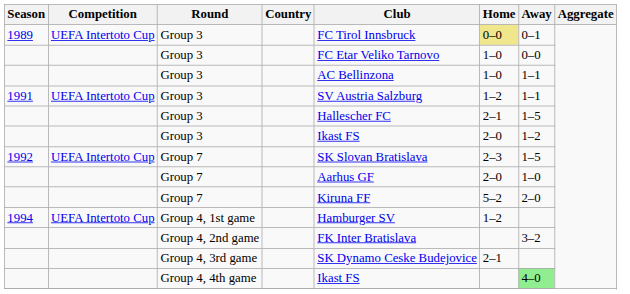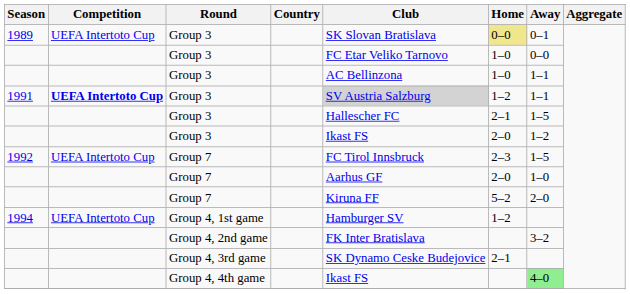 <table class="wikitable">
 <tr>
 <th>Season</th>
 <th>Competition</th>
 <th>Round</th>
 <th>Country</th>
 <th>Club</th>
 <th>Home</th>
 <th>Away</th>
 <th>Aggregate</th>
 </tr>
 <tr>
 <td><a href='#'>1989</a></td>
 <td><a href='#'>UEFA Intertoto Cup</a></td>
 <td>Group 3</td>
 <td></td>
-<td><a href='#'>FC Tirol Innsbruck</a></td>
+<td><a href='#'>SK Slovan Bratislava</a></td>
 <td style="background: khaki;">0–0</td>
 <td>0–1</td>
 </tr>
 <tr>
 <td></td>
 <td></td>
 <td>Group 3</td>
 <td></td>
 <td><a href='#'>FC Etar Veliko Tarnovo</a></td>
 <td>1–0</td>
 <td>0–0</td>
 </tr>
 <tr>
 <td></td>
 <td></td>
 <td>Group 3</td>
 <td></td>
 <td><a href='#'>AC Bellinzona</a></td>
 <td>1–0</td>
 <td>1–1</td>
 </tr>
 <tr>
 <td><a href='#'>1991</a></td>
-<td><a href='#'>UEFA Intertoto Cup</a></td>
+<td><strong><a href='#'>UEFA Intertoto Cup</a></strong></td>
 <td>Group 3</td>
 <td></td>
-<td><a href='#'>SV Austria Salzburg</a></td>
+<td style="background: lightgrey;"><a href='#'>SV Austria Salzburg</a></td>
 <td>1–2</td>
 <td>1–1</td>
 </tr>
 <tr>
 <td></td>
 <td></td>
 <td>Group 3</td>
 <td></td>
 <td><a href='#'>Hallescher FC</a></td>
 <td>2–1</td>
 <td>1–5</td>
 </tr>
 <tr>
 <td></td>
 <td></td>
 <td>Group 3</td>
 <td></td>
 <td><a href='#'>Ikast FS</a></td>
 <td>2–0</td>
 <td>1–2</td>
 </tr>
 <tr>
 <td><a href='#'>1992</a></td>
 <td><a href='#'>UEFA Intertoto Cup</a></td>
 <td>Group 7</td>
 <td></td>
-<td><a href='#'>SK Slovan Bratislava</a></td>
+<td><a href='#'>FC Tirol Innsbruck</a></td>
 <td>2–3</td>
 <td>1–5</td>
 </tr>
 <tr>
 <td></td>
 <td></td>
 <td>Group 7</td>
 <td></td>
 <td><a href='#'>Aarhus GF</a></td>
 <td>2–0</td>
 <td>1–0</td>
 </tr>
 <tr>
 <td></td>
 <td></td>
 <td>Group 7</td>
 <td></td>
 <td><a href='#'>Kiruna FF</a></td>
 <td>5–2</td>
 <td>2–0</td>
 </tr>
 <tr>
 <td><a href='#'>1994</a></td>
 <td><a href='#'>UEFA Intertoto Cup</a></td>
 <td>Group 4, 1st game</td>
 <td></td>
 <td><a href='#'>Hamburger SV</a></td>
 <td>1–2</td>
 <td></td>
 </tr>
 <tr>
 <td></td>
 <td></td>
 <td>Group 4, 2nd game</td>
 <td></td>
 <td><a href='#'>FK Inter Bratislava</a></td>
 <td></td>
 <td>3–2</td>
 </tr>
 <tr>
 <td></td>
 <td></td>
 <td>Group 4, 3rd game</td>
 <td></td>
 <td><a href='#'>SK Dynamo Ceske Budejovice</a></td>
 <td>2–1</td>
 <td></td>
 </tr>
 <tr>
 <td></td>
 <td></td>
 <td>Group 4, 4th game</td>
 <td></td>
 <td><a href='#'>Ikast FS</a></td>
 <td></td>
 <td style="background: lightgreen;">4–0</td>
 </tr>
 <tr>
 </tr>
 </table>
